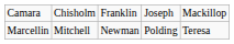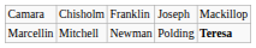 <table class=wikitable>
 <tr>
 <td> Camara</td>
 <td> Chisholm</td>
 <td> Franklin</td>
 <td> Joseph</td>
 <td> Mackillop</td>
 </tr>
 <tr>
 <td> Marcellin</td>
 <td> Mitchell</td>
 <td> Newman</td>
 <td> Polding</td>
-<td> Teresa</td>
+<td><strong> Teresa</strong></td>
 </tr>
 </table>
